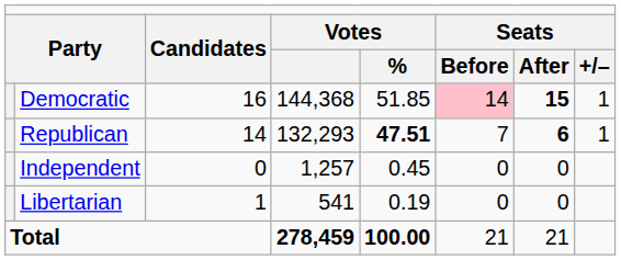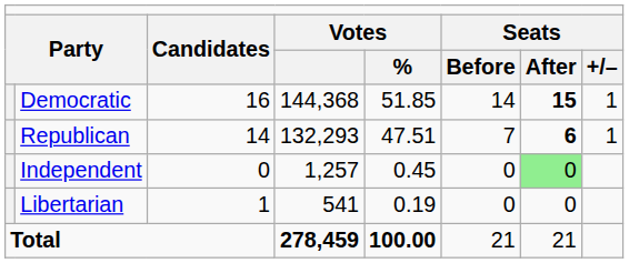 <table class="wikitable">
 <tr>
 <td colspan="13" align="center"></td>
 </tr>
 <tr>
 <th colspan="2" rowspan="2">Party</th>
 <th rowspan="2">Candidates</th>
 <th colspan="2">Votes</th>
 <th colspan="3">Seats</th>
 </tr>
 <tr>
 <th></th>
 <th>%</th>
 <th>Before</th>
 <th>After</th>
 <th>+/–</th>
 </tr>
 <tr>
 <th style="background-color:"></th>
 <td><a href='#'>Democratic</a></td>
 <td align="right">16</td>
 <td align="right">144,368</td>
 <td align="right">51.85</td>
-<td align="right"  style="background: pink;">14</td>
+<td align="right" >14</td>
 <td align="right"><strong>15</strong></td>
 <td align="right"> 1</td>
 </tr>
 <tr>
 <th style="background-color:"></th>
 <td><a href='#'>Republican</a></td>
 <td align="right">14</td>
 <td align="right">132,293</td>
-<td align="right"><strong>47.51</strong></td>
+<td align="right">47.51</td>
 <td align="right">7</td>
 <td align="right"><strong>6</strong></td>
 <td align="right"> 1</td>
 </tr>
 <tr>
 <th style="background-color:"></th>
 <td><a href='#'>Independent</a></td>
 <td align="right">0</td>
 <td align="right">1,257</td>
 <td align="right">0.45</td>
 <td align="right">0</td>
-<td align="right">0</td>
+<td align="right" style="background: lightgreen;">0</td>
 <td align="right"></td>
 </tr>
 <tr>
 <th style="background-color:"></th>
 <td><a href='#'>Libertarian</a></td>
 <td align="right">1</td>
 <td align="right">541</td>
 <td align="right">0.19</td>
 <td align="right">0</td>
 <td align="right">0</td>
 <td align="right"></td>
 </tr>
 <tr>
 <td colspan="3" align="left"><strong>Total</strong></td>
 <td align="right"><strong>278,459</strong></td>
 <td align="right"><strong>100.00</strong></td>
 <td align="right">21</td>
 <td align="right">21</td>
 <td align="right"></td>
 </tr>
 </table>
